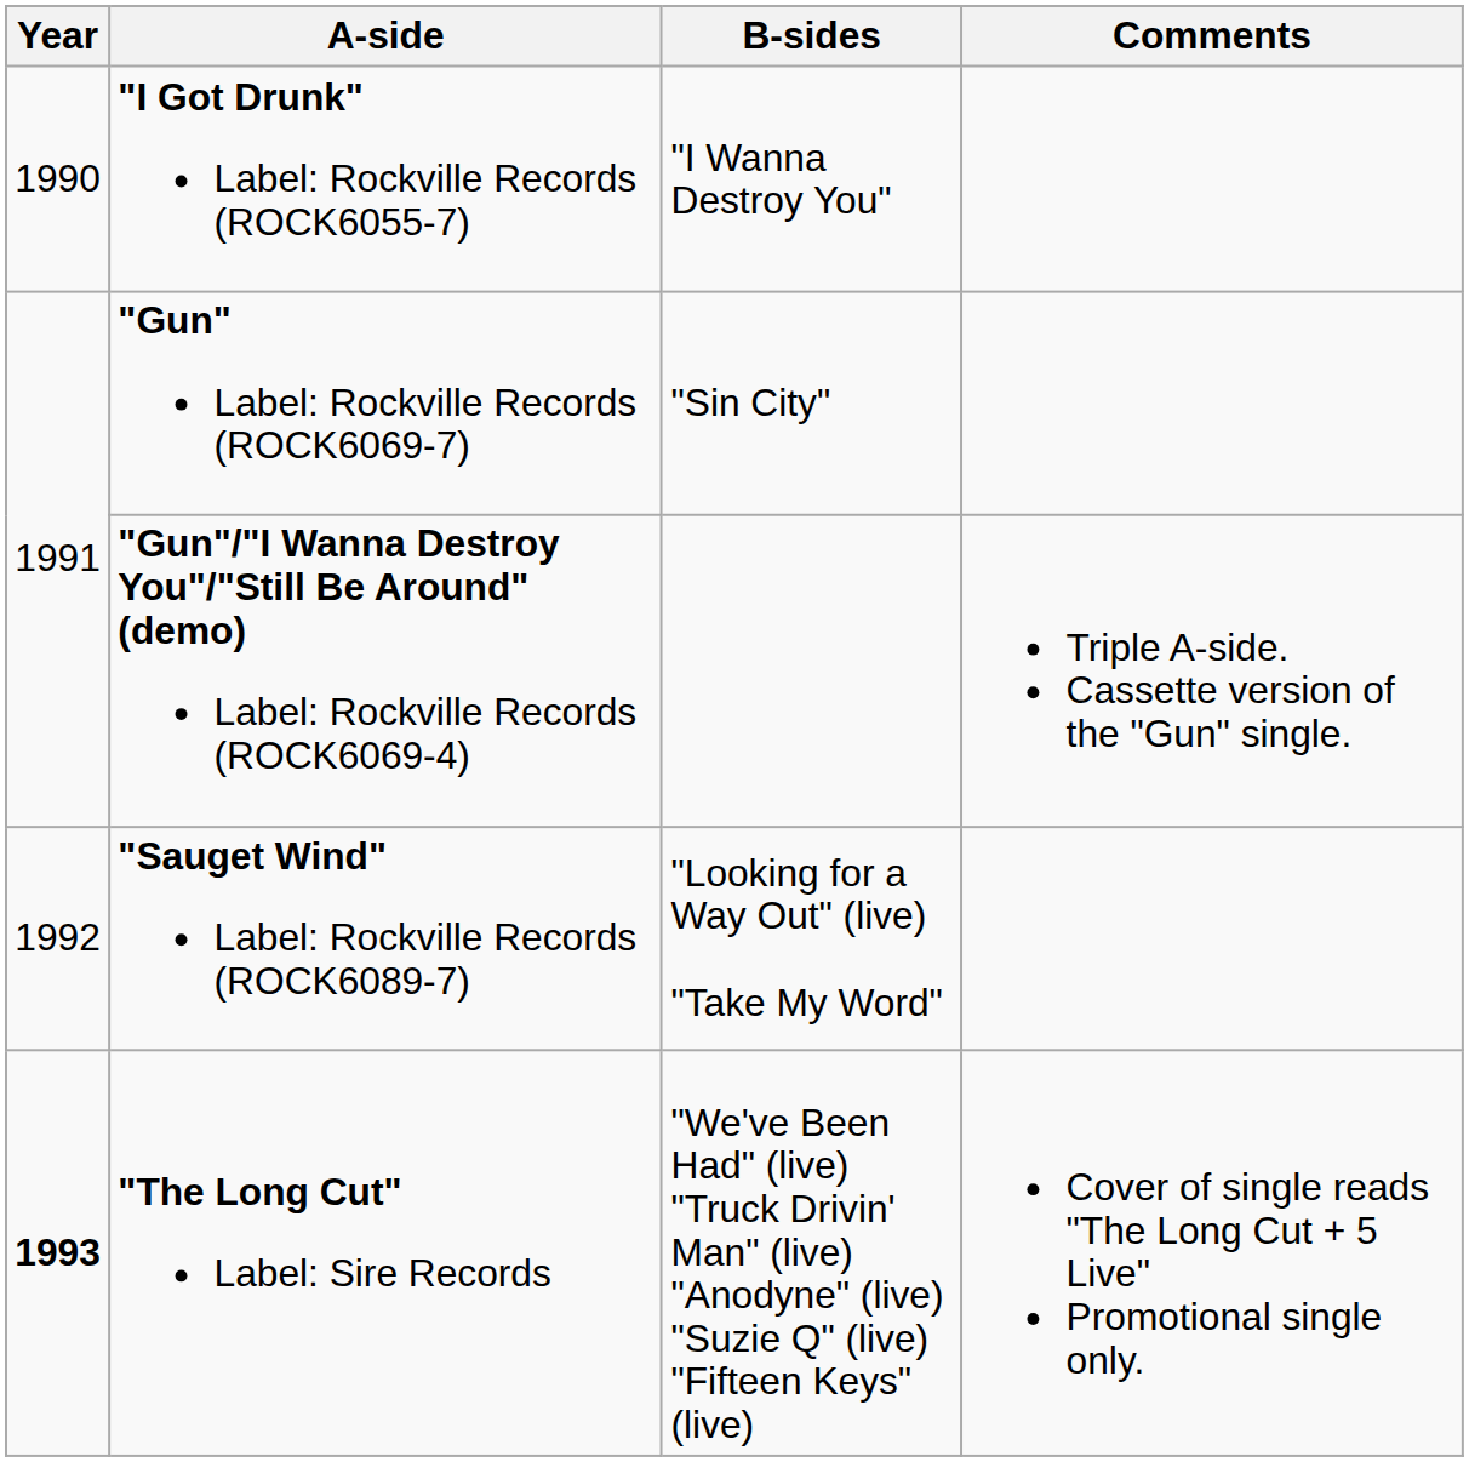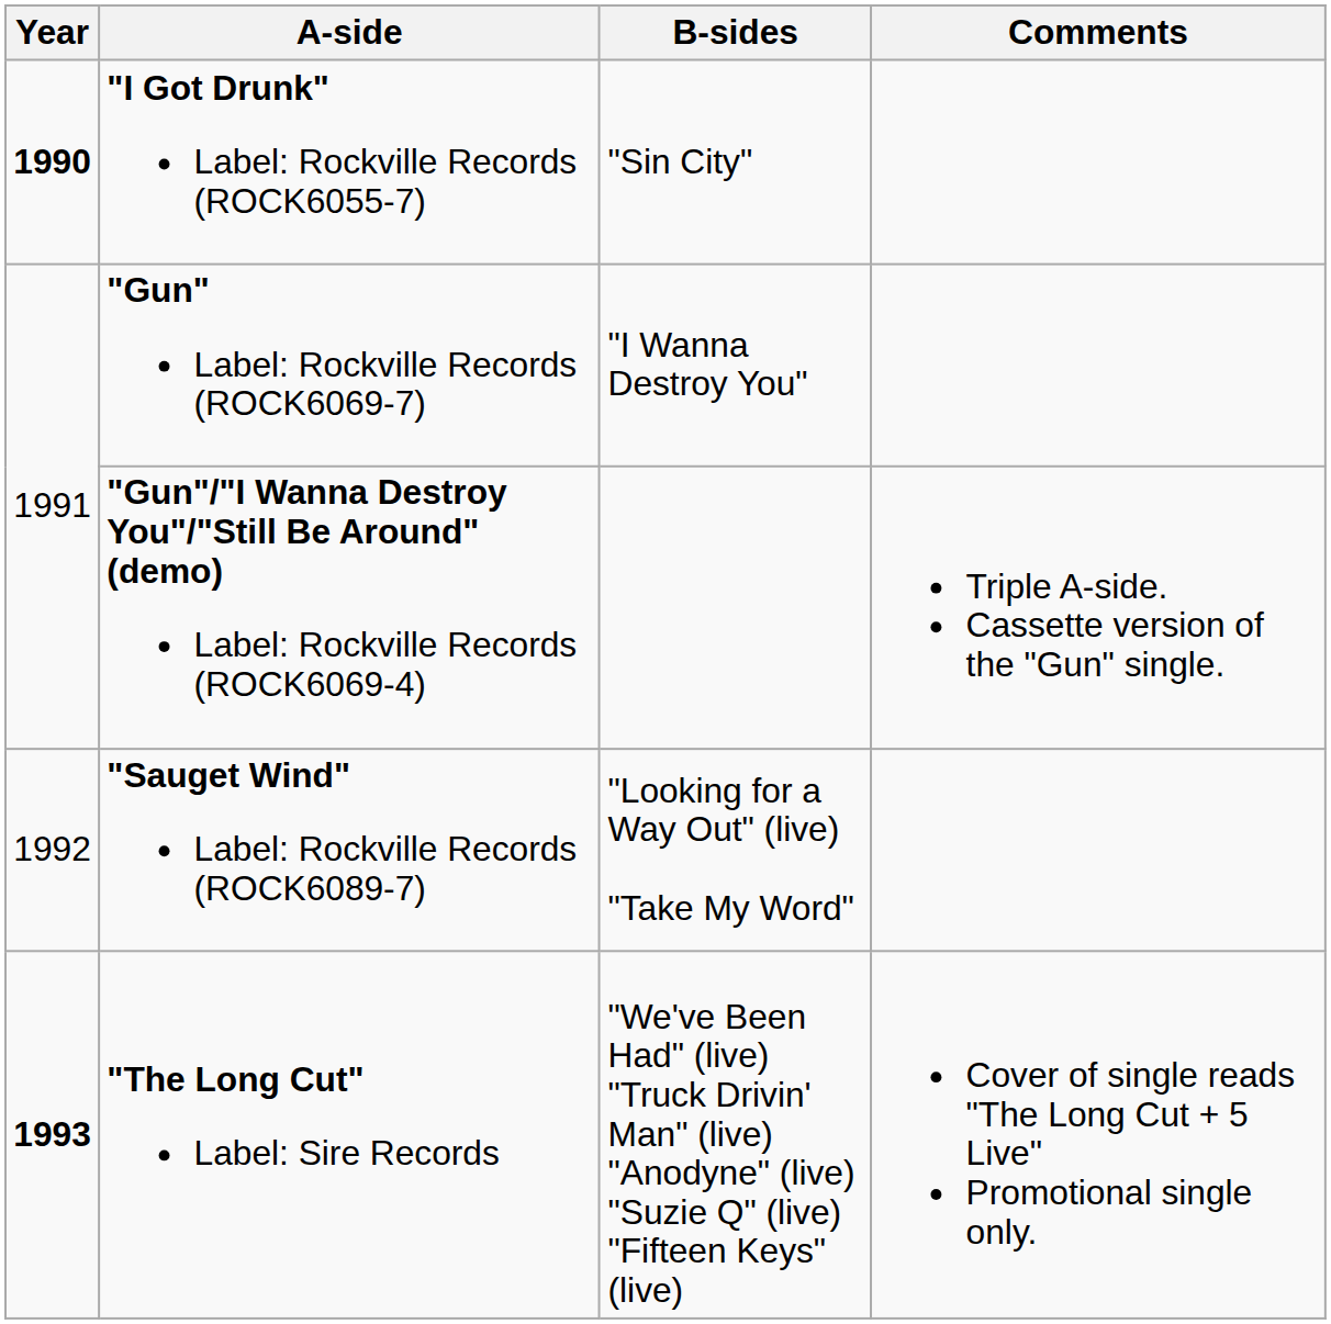 <table class="wikitable">
 <tr>
 <th>Year</th>
 <th>A-side</th>
 <th>B-sides</th>
 <th>Comments</th>
 </tr>
 <tr>
-<td rowspan="1">1990</td>
+<td rowspan="1"><strong>1990</strong></td>
 <td><strong>"I Got Drunk"</strong><br><ul><li>Label: Rockville Records (ROCK6055-7)</li></ul></td>
-<td>"I Wanna Destroy You"</td>
+<td>"Sin City"</td>
 <td></td>
 </tr>
 <tr>
 <td rowspan="2">1991</td>
 <td><strong>"Gun"</strong><br><ul><li>Label: Rockville Records (ROCK6069-7)</li></ul></td>
-<td>"Sin City"</td>
+<td>"I Wanna Destroy You"</td>
 <td></td>
 </tr>
 <tr>
 <td><strong>"Gun"/"I Wanna Destroy You"/"Still Be Around" (demo)</strong><br><ul><li>Label: Rockville Records (ROCK6069-4)</li></ul></td>
 <td></td>
 <td><br><ul><li>Triple A-side.</li><li>Cassette version of the "Gun" single.</li></ul></td>
 </tr>
 <tr>
 <td rowspan="1">1992</td>
 <td><strong>"Sauget Wind"</strong><br><ul><li>Label: Rockville Records (ROCK6089-7)</li></ul></td>
 <td>"Looking for a Way Out" (live)<br><br>"Take My Word"</td>
 <td></td>
 </tr>
 <tr>
 <td><strong>1993</strong></td>
 <td><strong>"The Long Cut"</strong><br><ul><li>Label: Sire Records</li></ul></td>
 <td><br>"We've Been Had" (live)<br> "Truck Drivin' Man" (live)<br> "Anodyne" (live)<br> "Suzie Q" (live)<br> "Fifteen Keys" (live)</td>
 <td><br><ul><li>Cover of single reads "The Long Cut + 5 Live"</li><li>Promotional single only.</li></ul></td>
 </tr>
 </table>
